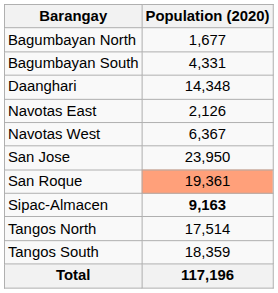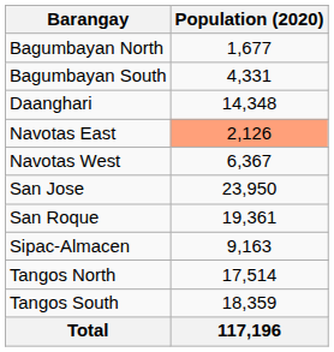 <table class="wikitable">
 <tr>
 <th>Barangay</th>
 <th>Population (2020)</th>
 </tr>
 <tr>
 <td>Bagumbayan North</td>
 <td align="center">1,677</td>
 </tr>
 <tr>
 <td>Bagumbayan South</td>
 <td align="center">4,331</td>
 </tr>
 <tr>
 <td>Daanghari</td>
 <td align="center">14,348</td>
 </tr>
 <tr>
 <td>Navotas East</td>
-<td align="center">2,126</td>
+<td align="center" style="background: lightsalmon;">2,126</td>
 </tr>
 <tr>
 <td>Navotas West</td>
 <td align="center">6,367</td>
 </tr>
 <tr>
 <td>San Jose</td>
 <td align="center">23,950</td>
 </tr>
 <tr>
 <td>San Roque</td>
-<td align="center" style="background: lightsalmon;">19,361</td>
+<td align="center">19,361</td>
 </tr>
 <tr>
 <td>Sipac-Almacen</td>
-<td align="center"><strong>9,163</strong></td>
+<td align="center">9,163</td>
 </tr>
 <tr>
 <td>Tangos North</td>
 <td align="center">17,514</td>
 </tr>
 <tr>
 <td>Tangos South</td>
 <td align="center">18,359</td>
 </tr>
 <tr>
 <th align="right"><strong>Total</strong></th>
 <th align="right"><strong>117,196</strong></th>
 </tr>
 </table>
